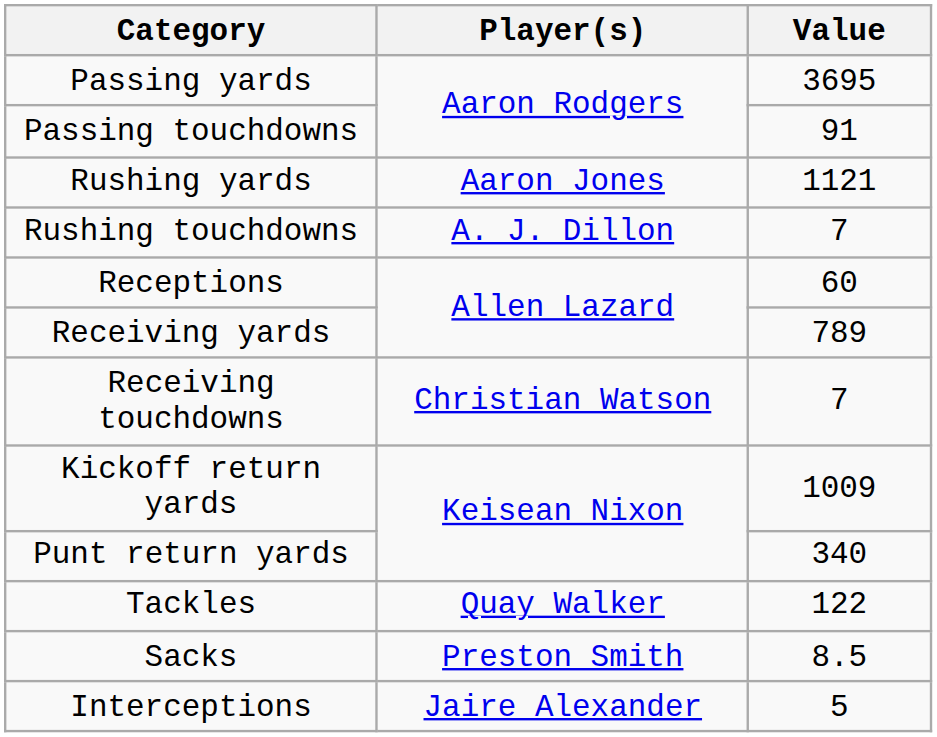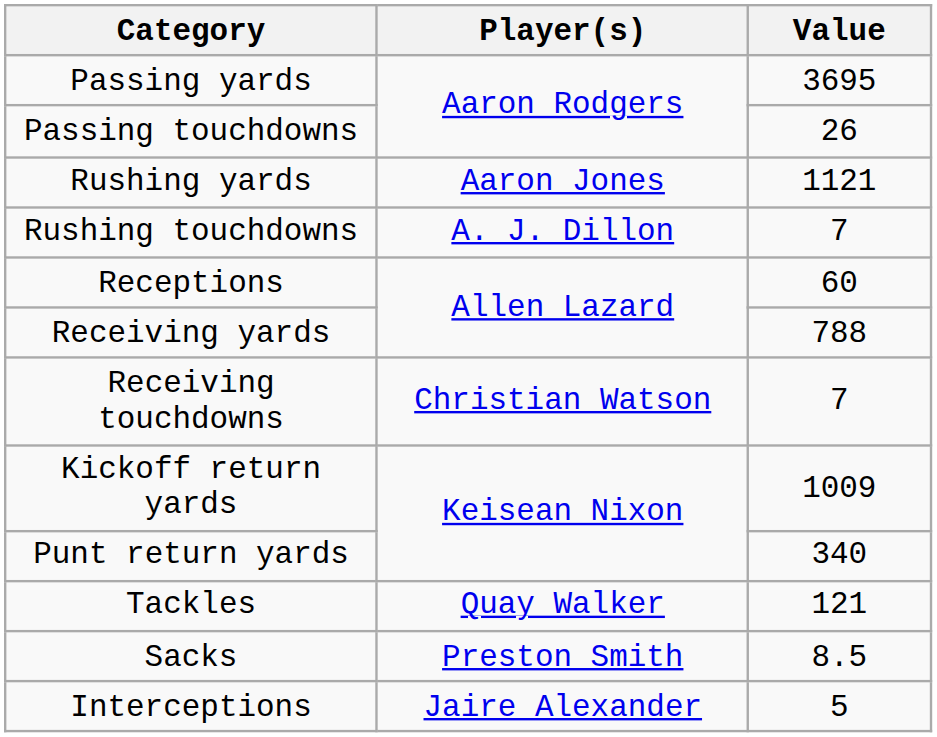 <table class="wikitable" style="text-align:center">
 <tr>
 <th width="150">Category</th>
 <th width="150">Player(s)</th>
 <th width="70">Value</th>
 </tr>
 <tr>
 <td>Passing yards</td>
 <td rowspan="2"><a href='#'>Aaron Rodgers</a></td>
 <td>3695</td>
 </tr>
 <tr>
 <td>Passing touchdowns</td>
-<td>91</td>
+<td>26</td>
 </tr>
 <tr>
 <td>Rushing yards</td>
 <td><a href='#'>Aaron Jones</a></td>
 <td>1121</td>
 </tr>
 <tr>
 <td>Rushing touchdowns</td>
 <td><a href='#'>A. J. Dillon</a></td>
 <td>7</td>
 </tr>
 <tr>
 <td>Receptions</td>
 <td rowspan="2"><a href='#'>Allen Lazard</a></td>
 <td>60</td>
 </tr>
 <tr>
 <td>Receiving yards</td>
-<td>789</td>
+<td>788</td>
 </tr>
 <tr |>
 <td>Receiving touchdowns</td>
 <td><a href='#'>Christian Watson</a></td>
 <td>7</td>
 </tr>
 <tr>
 <td>Kickoff return yards</td>
 <td rowspan="2"><a href='#'>Keisean Nixon</a></td>
 <td>1009</td>
 </tr>
 <tr>
 <td>Punt return yards</td>
 <td>340</td>
 </tr>
 <tr>
 <td>Tackles</td>
 <td><a href='#'>Quay Walker</a></td>
-<td>122</td>
+<td>121</td>
 </tr>
 <tr>
 <td>Sacks</td>
 <td><a href='#'>Preston Smith</a></td>
 <td>8.5</td>
 </tr>
 <tr>
 <td>Interceptions</td>
 <td><a href='#'>Jaire Alexander</a></td>
 <td>5</td>
 </tr>
 </table>
